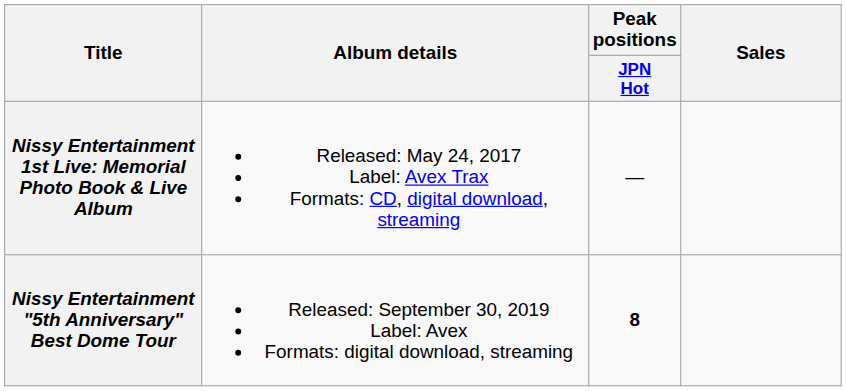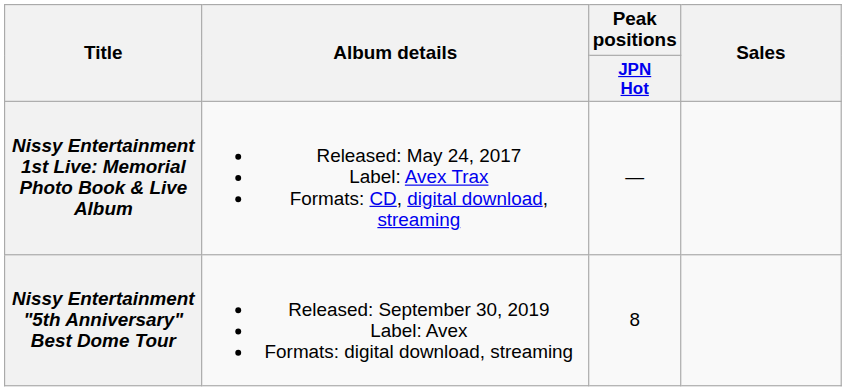 <table class="wikitable plainrowheaders" style="text-align:center;">
 <tr>
 <th style="width:10em;" rowspan="2">Title</th>
 <th style="width:20em;" rowspan="2">Album details</th>
 <th colspan="1">Peak positions</th>
 <th rowspan="2" style="width:8em;">Sales</th>
 </tr>
 <tr>
 <th scope="col" style="width:4em;font-size:90%;"><a href='#'>JPN<br>Hot</a><br></th>
 </tr>
 <tr>
 <th scope="row"><em>Nissy Entertainment 1st Live: Memorial Photo Book & Live Album</em></th>
 <td><br><ul><li>Released: May 24, 2017</li><li>Label: <a href='#'>Avex Trax</a></li><li>Formats: <a href='#'>CD</a>, <a href='#'>digital download</a>, <a href='#'>streaming</a></li></ul></td>
 <td>—</td>
 <td></td>
 </tr>
 <tr>
 <th scope="row"><em>Nissy Entertainment "5th Anniversary" Best Dome Tour</em></th>
 <td><br><ul><li>Released: September 30, 2019</li><li>Label: Avex</li><li>Formats: digital download, streaming</li></ul></td>
-<td><strong>8</strong></td>
+<td>8</td>
 <td></td>
 </tr>
 </table>
